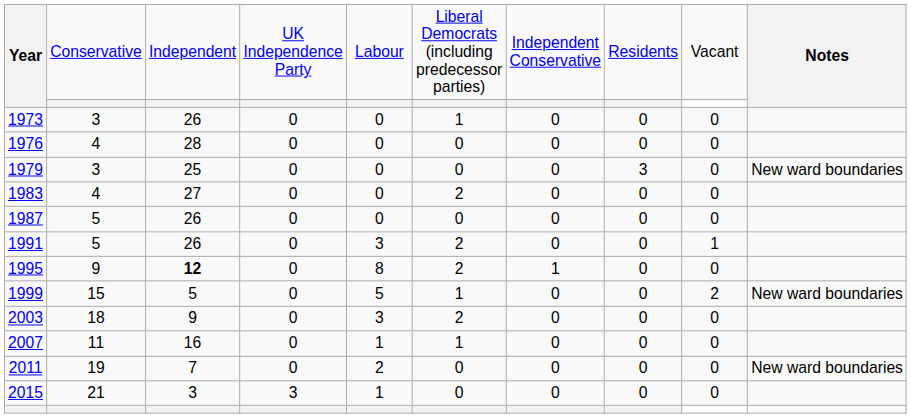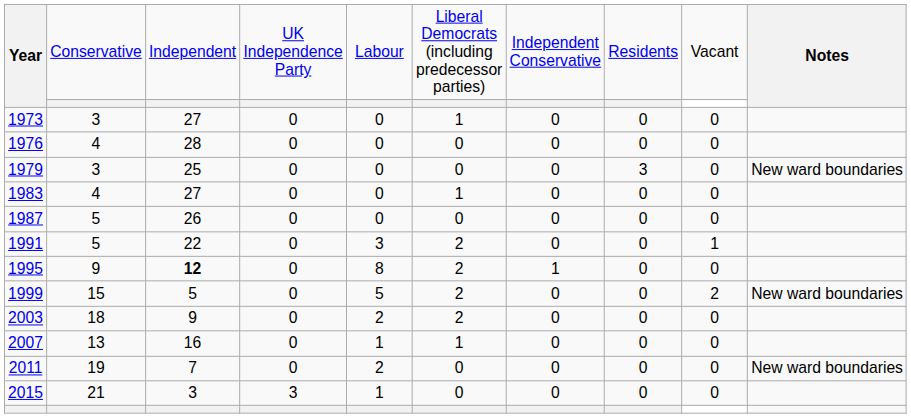 <table class=wikitable style=text-align:center>
 <tr>
 <th rowspan=2>Year</th>
 <td width="60"><a href='#'>Conservative</a></td>
 <td width="60"><a href='#'>Independent</a></td>
 <td width="60"><a href='#'>UK Independence Party</a></td>
 <td width="60"><a href='#'>Labour</a></td>
 <td width="60"><a href='#'>Liberal Democrats</a> (including predecessor parties)</td>
 <td width="60"><a href='#'>Independent Conservative</a></td>
 <td width="60"><a href='#'>Residents</a></td>
 <td width="60">Vacant</td>
 <th rowspan="2">Notes</th>
 </tr>
 <tr>
 <th style="background-color: "></th>
 <th style="background-color: "></th>
 <th style="background-color: "></th>
 <th style="background-color: "></th>
 <th style="background-color: "></th>
 <th style="background-color: "></th>
 <th style="background-color: "></th>
 <th style="background-color: white; width: 3px;"></th>
 </tr>
 <tr>
 <td><a href='#'>1973</a></td>
 <td>3</td>
-<td>26</td>
+<td>27</td>
 <td>0</td>
 <td>0</td>
 <td>1</td>
 <td>0</td>
 <td>0</td>
 <td>0</td>
 <td></td>
 </tr>
 <tr>
 <td><a href='#'>1976</a></td>
 <td>4</td>
 <td>28</td>
 <td>0</td>
 <td>0</td>
 <td>0</td>
 <td>0</td>
 <td>0</td>
 <td>0</td>
 <td></td>
 </tr>
 <tr>
 <td><a href='#'>1979</a></td>
 <td>3</td>
 <td>25</td>
 <td>0</td>
 <td>0</td>
 <td>0</td>
 <td>0</td>
 <td>3</td>
 <td>0</td>
 <td>New ward boundaries</td>
 </tr>
 <tr>
 <td><a href='#'>1983</a></td>
 <td>4</td>
 <td>27</td>
 <td>0</td>
 <td>0</td>
-<td>2</td>
+<td>1</td>
 <td>0</td>
 <td>0</td>
 <td>0</td>
 <td></td>
 </tr>
 <tr>
 <td><a href='#'>1987</a></td>
 <td>5</td>
 <td>26</td>
 <td>0</td>
 <td>0</td>
 <td>0</td>
 <td>0</td>
 <td>0</td>
 <td>0</td>
 <td></td>
 </tr>
 <tr>
 <td><a href='#'>1991</a></td>
 <td>5</td>
-<td>26</td>
+<td>22</td>
 <td>0</td>
 <td>3</td>
 <td>2</td>
 <td>0</td>
 <td>0</td>
 <td>1</td>
 <td></td>
 </tr>
 <tr>
 <td><a href='#'>1995</a></td>
 <td>9</td>
 <td><strong>12</strong></td>
 <td>0</td>
 <td>8</td>
 <td>2</td>
 <td>1</td>
 <td>0</td>
 <td>0</td>
 <td></td>
 </tr>
 <tr>
 <td><a href='#'>1999</a></td>
 <td>15</td>
 <td>5</td>
 <td>0</td>
 <td>5</td>
-<td>1</td>
+<td>2</td>
 <td>0</td>
 <td>0</td>
 <td>2</td>
 <td>New ward boundaries</td>
 </tr>
 <tr>
 <td><a href='#'>2003</a></td>
 <td>18</td>
 <td>9</td>
 <td>0</td>
-<td>3</td>
+<td>2</td>
 <td>2</td>
 <td>0</td>
 <td>0</td>
 <td>0</td>
 <td></td>
 </tr>
 <tr>
 <td><a href='#'>2007</a></td>
-<td>11</td>
+<td>13</td>
 <td>16</td>
 <td>0</td>
 <td>1</td>
 <td>1</td>
 <td>0</td>
 <td>0</td>
 <td>0</td>
 <td></td>
 </tr>
 <tr>
 <td><a href='#'>2011</a></td>
 <td>19</td>
 <td>7</td>
 <td>0</td>
 <td>2</td>
 <td>0</td>
 <td>0</td>
 <td>0</td>
 <td>0</td>
 <td>New ward boundaries</td>
 </tr>
 <tr>
 <td><a href='#'>2015</a></td>
 <td>21</td>
 <td>3</td>
 <td>3</td>
 <td>1</td>
 <td>0</td>
 <td>0</td>
 <td>0</td>
 <td>0</td>
 <td></td>
 </tr>
 <tr>
 <th></th>
 <th style="background-color: "></th>
 <th style="background-color: "></th>
 <th style="background-color: "></th>
 <th style="background-color: "></th>
 <th style="background-color: "></th>
 <th style="background-color: "></th>
 <th style="background-color: "></th>
 <th style="background-color: white; width: 3px;"></th>
 <td></td>
 </tr>
 </table>
